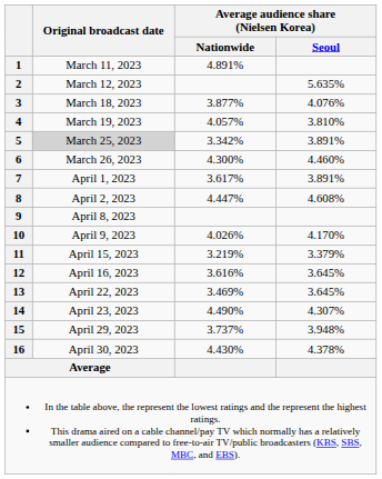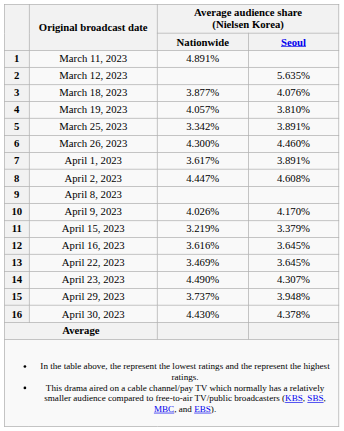 <table class="wikitable" style="margin-left:auto; margin-right:auto; width:500px; text-align:center">
 <tr>
 <th scope="col" rowspan="2"></th>
 <th scope="col" rowspan="2">Original broadcast date</th>
 <th scope="col" colspan="2">Average audience share<br>(Nielsen Korea)</th>
 </tr>
 <tr>
 <th scope="col" style="width:8em">Nationwide</th>
 <th scope="col" style="width:8em"><a href='#'>Seoul</a></th>
 </tr>
 <tr>
 <th scope="col">1</th>
 <td>March 11, 2023</td>
 <td>4.891% </td>
 <td><strong></strong> </td>
 </tr>
 <tr>
 <th scope="col">2</th>
 <td>March 12, 2023</td>
 <td><strong></strong> </td>
 <td>5.635% </td>
 </tr>
 <tr>
 <th scope="col">3</th>
 <td>March 18, 2023</td>
 <td>3.877% </td>
 <td>4.076% </td>
 </tr>
 <tr>
 <th scope="col">4</th>
 <td>March 19, 2023</td>
 <td>4.057% </td>
 <td>3.810% </td>
 </tr>
 <tr>
 <th scope="col">5</th>
-<td style="background: lightgrey;">March 25, 2023</td>
+<td>March 25, 2023</td>
 <td>3.342% </td>
 <td>3.891% </td>
 </tr>
 <tr>
 <th scope="col">6</th>
 <td>March 26, 2023</td>
 <td>4.300% </td>
 <td>4.460% </td>
 </tr>
 <tr>
 <th scope="col">7</th>
 <td>April 1, 2023</td>
 <td>3.617% </td>
 <td>3.891% </td>
 </tr>
 <tr>
 <th scope="col">8</th>
 <td>April 2, 2023</td>
 <td>4.447% </td>
 <td>4.608% </td>
 </tr>
 <tr>
 <th scope="col">9</th>
 <td>April 8, 2023</td>
 <td><strong></strong> </td>
 <td><strong></strong> </td>
 </tr>
 <tr>
 <th scope="col">10</th>
 <td>April 9, 2023</td>
 <td>4.026% </td>
 <td>4.170% </td>
 </tr>
 <tr>
 <th scope="col">11</th>
 <td>April 15, 2023</td>
 <td>3.219% </td>
 <td>3.379% </td>
 </tr>
 <tr>
 <th scope="col">12</th>
 <td>April 16, 2023</td>
 <td>3.616% </td>
 <td>3.645% </td>
 </tr>
 <tr>
 <th scope="col">13</th>
 <td>April 22, 2023</td>
 <td>3.469% </td>
 <td>3.645% </td>
 </tr>
 <tr>
 <th scope="col">14</th>
 <td>April 23, 2023</td>
 <td>4.490% </td>
 <td>4.307% </td>
 </tr>
 <tr>
 <th scope="col">15</th>
 <td>April 29, 2023</td>
 <td>3.737% </td>
 <td>3.948% </td>
 </tr>
 <tr>
 <th scope="col">16</th>
 <td>April 30, 2023</td>
 <td>4.430% </td>
 <td>4.378% </td>
 </tr>
 <tr>
 <th scope="col" colspan="2">Average</th>
 <th scope="col"></th>
 <th scope="col"></th>
 </tr>
 <tr>
 <td colspan="4" style="font-size:85%"><br><ul><li>In the table above, the <strong></strong> represent the lowest ratings and the <strong></strong> represent the highest ratings.</li><li>This drama aired on a cable channel/pay TV which normally has a relatively smaller audience compared to free-to-air TV/public broadcasters (<a href='#'>KBS</a>, <a href='#'>SBS</a>, <a href='#'>MBC</a>, and <a href='#'>EBS</a>).</li></ul></td>
 </tr>
 </table>
